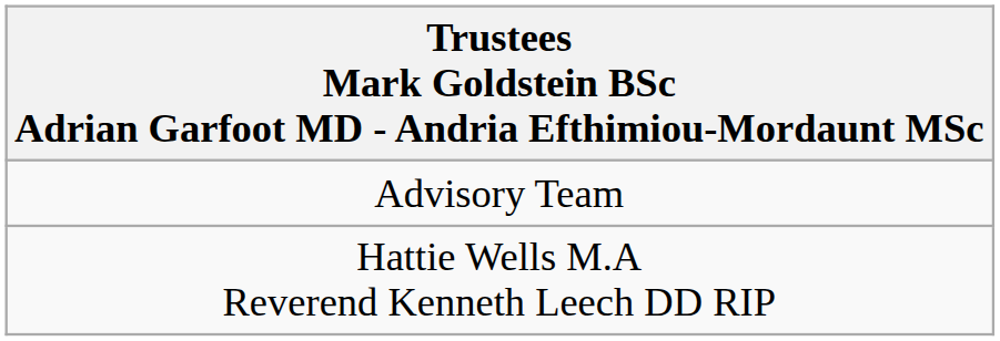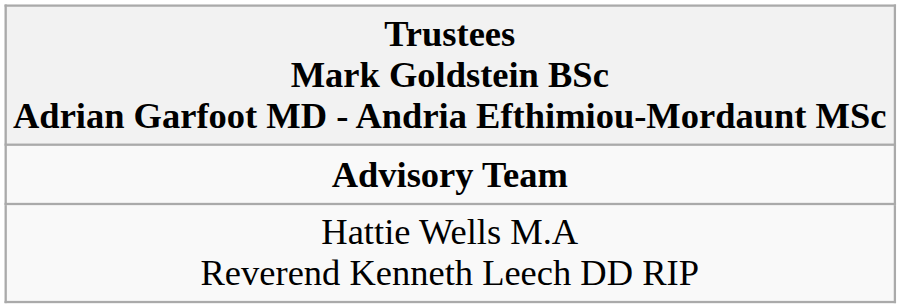 <table class="wikitable" style="text-align:center" align="right">
 <tr>
 <th>Trustees<br>Mark Goldstein BSc<br>Adrian Garfoot MD - Andria Efthimiou-Mordaunt MSc</th>
 </tr>
 <tr>
-<td>Advisory Team</td>
+<td><strong>Advisory Team</strong></td>
 </tr>
 <tr>
 <td>Hattie Wells M.A<br>Reverend Kenneth Leech DD RIP</td>
 </tr>
 </table>
